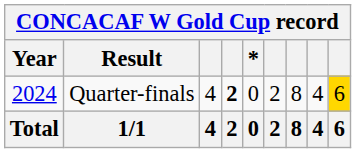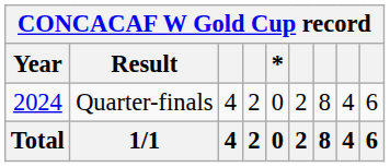 <table class="wikitable"  style="text-align:center;">
 <tr>
 <th colspan=9><a href='#'>CONCACAF W Gold Cup</a> record</th>
 </tr>
 <tr>
 <th>Year</th>
 <th>Result</th>
 <th></th>
 <th></th>
 <th>*</th>
 <th></th>
 <th></th>
 <th></th>
 <th></th>
 </tr>
 <tr>
 <td> <a href='#'>2024</a></td>
 <td>Quarter-finals</td>
 <td>4</td>
-<td><strong>2</strong></td>
+<td>2</td>
 <td>0</td>
 <td>2</td>
 <td>8</td>
 <td>4</td>
-<td style="background: gold;">6</td>
+<td>6</td>
 </tr>
 <tr>
 <th>Total</th>
 <th>1/1</th>
 <th>4</th>
 <th>2</th>
 <th>0</th>
 <th>2</th>
 <th>8</th>
 <th>4</th>
 <th>6</th>
 </tr>
 </table>
